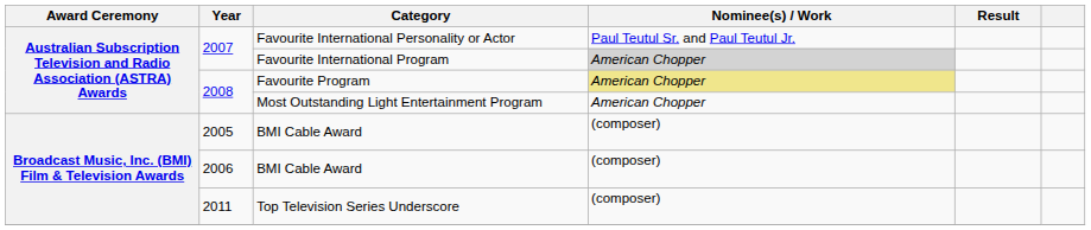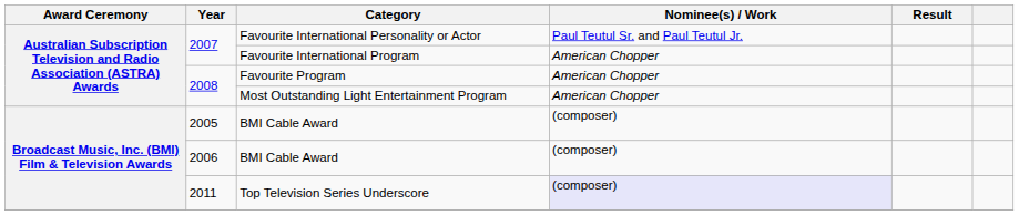 <table class="wikitable sortable plainrowheaders" style="width:100%;">
 <tr>
 <th scope="col" style="width:18%;">Award Ceremony</th>
 <th scope="col" style="width:5%;">Year</th>
 <th scope="col" style="width:31%;">Category</th>
 <th scope="col" style="width:34%;">Nominee(s) / Work</th>
 <th scope="col" style="width:8%;">Result</th>
 <th scope="col" style="width:4%;" class="unsortable"></th>
 </tr>
 <tr>
 <th scope="row" rowspan="4"><a href='#'>Australian Subscription Television and Radio Association (ASTRA) Awards</a></th>
 <td scope="row" rowspan="2"><a href='#'>2007</a></td>
 <td>Favourite International Personality or Actor</td>
 <td><a href='#'>Paul Teutul Sr.</a> and <a href='#'>Paul Teutul Jr.</a><br></td>
 <td></td>
 <td style="text-align:center;"></td>
 </tr>
 <tr>
 <td>Favourite International Program</td>
-<td style="background: lightgrey;"><em>American Chopper</em><br></td>
+<td><em>American Chopper</em><br></td>
 <td></td>
 <td style="text-align:center;"></td>
 </tr>
 <tr>
 <td scope="row" rowspan="2"><a href='#'>2008</a></td>
 <td>Favourite Program</td>
-<td style="background: khaki;"><em>American Chopper</em><br></td>
+<td><em>American Chopper</em><br></td>
 <td></td>
 <td></td>
 </tr>
 <tr>
 <td>Most Outstanding Light Entertainment Program</td>
 <td><em>American Chopper</em><br></td>
 <td></td>
 <td></td>
 </tr>
 <tr>
 <th scope="row" rowspan="3"><a href='#'>Broadcast Music, Inc. (BMI) Film & Television Awards</a></th>
 <td>2005</td>
 <td>BMI Cable Award</td>
 <td> (composer)<br><br></td>
 <td></td>
 <td></td>
 </tr>
 <tr>
 <td>2006</td>
 <td>BMI Cable Award</td>
 <td> (composer)<br><br></td>
 <td></td>
 <td></td>
 </tr>
 <tr>
 <td>2011</td>
 <td>Top Television Series Underscore</td>
-<td> (composer)<br><br></td>
+<td style="background: lavender;"> (composer)<br><br></td>
 <td></td>
 <td></td>
 </tr>
 <tr>
 </tr>
 </table>
